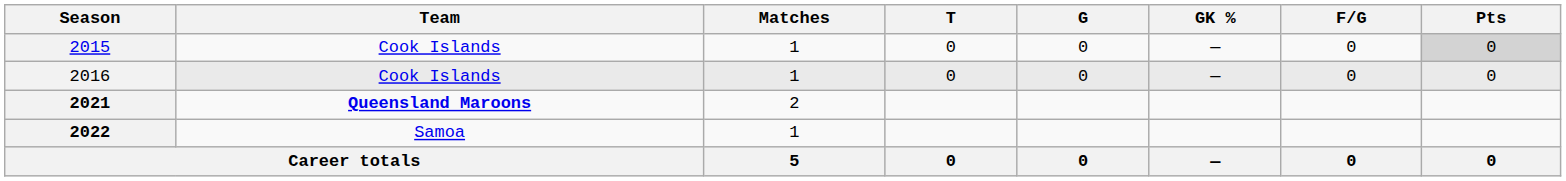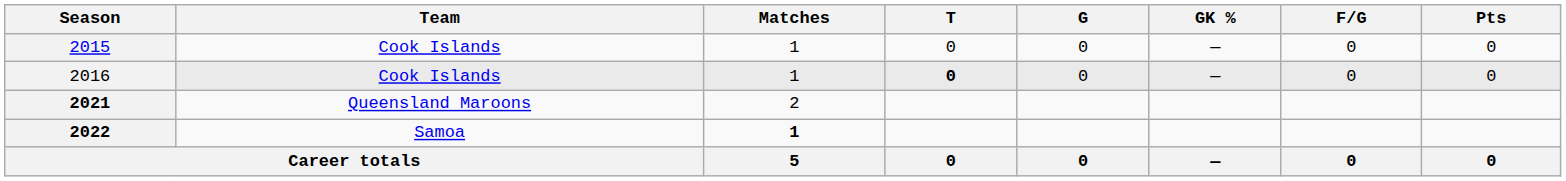 <table class="wikitable sortable"  style="font-size:90%; text-align:center; width:85%;">
 <tr>
 <th width=2%>Season</th>
 <th width=8%>Team</th>
 <th width=2%>Matches</th>
 <th width=2%>T</th>
 <th width=2%>G</th>
 <th width=2%>GK %</th>
 <th width=2%>F/G</th>
 <th width=2%>Pts</th>
 </tr>
 <tr>
 <th scope="row" style="text-align:center; font-weight:normal"><a href='#'>2015</a></th>
 <td style="text-align:center;"> <a href='#'>Cook Islands</a></td>
 <td>1</td>
 <td>0</td>
 <td>0</td>
 <td>—</td>
 <td>0</td>
-<td style="background: lightgrey;">0</td>
+<td>0</td>
 </tr>
 <tr style="background:#eaeaea;">
 <th scope="row" style="text-align:center; font-weight:normal">2016</th>
 <td style="text-align:center;"> <a href='#'>Cook Islands</a></td>
 <td>1</td>
-<td>0</td>
+<td><strong>0</strong></td>
 <td>0</td>
 <td>—</td>
 <td>0</td>
 <td>0</td>
 </tr>
 <tr>
 <th>2021</th>
-<td><strong><a href='#'>Queensland Maroons</a></strong></td>
+<td><a href='#'>Queensland Maroons</a></td>
 <td>2</td>
 <td></td>
 <td></td>
 <td></td>
 <td></td>
 <td></td>
 </tr>
 <tr>
 <th>2022</th>
 <td><a href='#'>Samoa</a></td>
-<td>1</td>
+<td><strong>1</strong></td>
 <td></td>
 <td></td>
 <td></td>
 <td></td>
 <td></td>
 </tr>
 <tr class="sortbottom">
 <th colspan="2">Career totals</th>
 <th>5</th>
 <th>0</th>
 <th>0</th>
 <th>—</th>
 <th>0</th>
 <th>0</th>
 </tr>
 </table>
